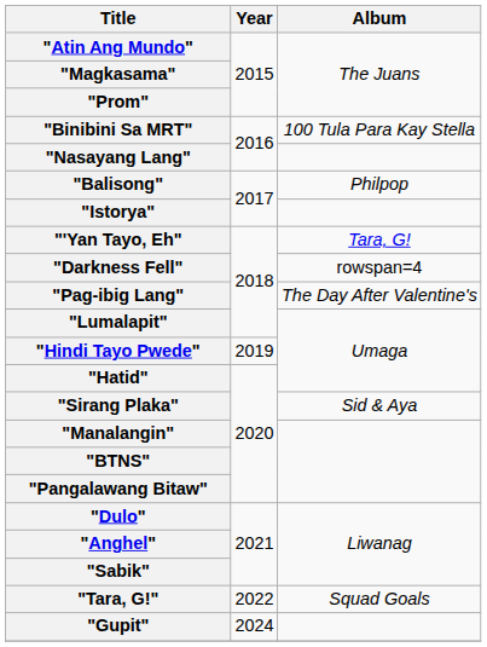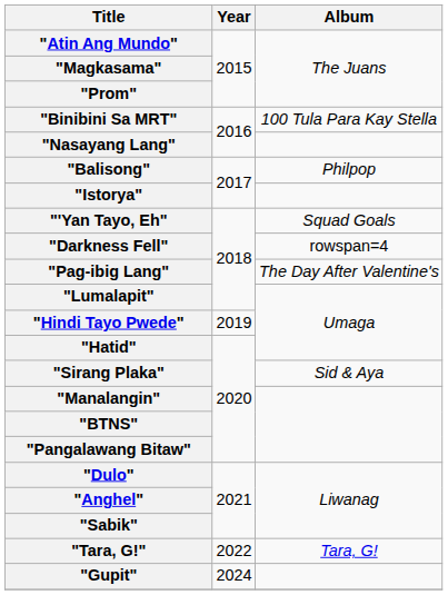 <table class="wikitable plainrowheaders" style="text-align:center;">
 <tr>
 <th scope="col" rowspan="1" style="width:200px;">Title</th>
 <th scope="col" rowspan="1">Year</th>
 <th scope="col" rowspan="1">Album</th>
 </tr>
 <tr>
 <th scope="row">"<a href='#'>Atin Ang Mundo</a>"</th>
 <td rowspan=3>2015</td>
 <td rowspan=3><em>The Juans</em></td>
 </tr>
 <tr>
 <th scope="row">"Magkasama"</th>
 </tr>
 <tr>
 <th scope="row">"Prom"</th>
 </tr>
 <tr>
 <th scope="row">"Binibini Sa MRT"</th>
 <td rowspan=2>2016</td>
 <td><em>100 Tula Para Kay Stella</em></td>
 </tr>
 <tr>
 <th scope="row">"Nasayang Lang"</th>
 <td></td>
 </tr>
 <tr>
 <th scope="row">"Balisong"</th>
 <td rowspan=2>2017</td>
 <td><em>Philpop</em></td>
 </tr>
 <tr>
 <th scope="row">"Istorya"</th>
 <td></td>
 </tr>
 <tr>
 <th scope="row">"'Yan Tayo, Eh"</th>
 <td rowspan=4>2018</td>
-<td><em><a href='#'>Tara, G!</a></em></td>
+<td><em>Squad Goals</em></td>
 </tr>
 <tr>
 <th scope="row">"Darkness Fell"</th>
 <td>rowspan=4 </td>
 </tr>
 <tr>
 <th scope="row">"Pag-ibig Lang"</th>
 <td><em>The Day After Valentine's</em></td>
 </tr>
 <tr>
 <th scope="row">"Lumalapit"</th>
 <td rowspan=3><em>Umaga</em></td>
 </tr>
 <tr>
 <th scope="row">"<a href='#'>Hindi Tayo Pwede</a>"</th>
 <td>2019</td>
 </tr>
 <tr>
 <th scope="row">"Hatid"</th>
 <td rowspan=5>2020</td>
 </tr>
 <tr>
 <th scope="row">"Sirang Plaka"</th>
 <td><em>Sid & Aya</em></td>
 </tr>
 <tr>
 <th scope="row">"Manalangin"</th>
 </tr>
 <tr>
 <th scope="row">"BTNS" </th>
 </tr>
 <tr>
 <th scope="row">"Pangalawang Bitaw"</th>
 </tr>
 <tr>
 <th scope="row">"<a href='#'>Dulo</a>"</th>
 <td rowspan=3>2021</td>
 <td rowspan=3><em>Liwanag</em></td>
 </tr>
 <tr>
 <th scope="row">"<a href='#'>Anghel</a>"</th>
 </tr>
 <tr>
 <th scope="row">"Sabik"</th>
 </tr>
 <tr>
 <th scope="row">"Tara, G!"</th>
 <td>2022</td>
-<td><em>Squad Goals</em></td>
+<td><em><a href='#'>Tara, G!</a></em></td>
 </tr>
 <tr>
 <th scope="row">"Gupit" </th>
 <td>2024</td>
 <td></td>
 </tr>
 <tr>
 </tr>
 </table>
